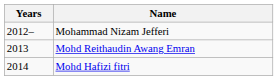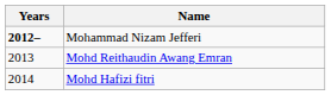 <table class="wikitable" style="font-size:95%; width: 30%;">
 <tr>
 <th>Years</th>
 <th>Name</th>
 </tr>
 <tr>
-<td>2012–</td>
+<td><strong>2012–</strong></td>
 <td> Mohammad Nizam Jefferi</td>
 </tr>
 <tr>
 <td>2013</td>
 <td> <a href='#'>Mohd Reithaudin Awang Emran</a></td>
 </tr>
 <tr>
 <td>2014</td>
 <td> <a href='#'>Mohd Hafizi fitri</a></td>
 </tr>
 </table>
